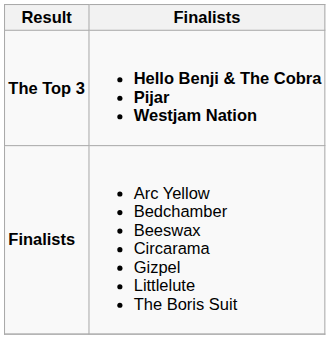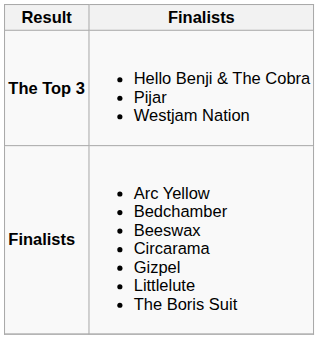 <table class="wikitable">
 <tr>
 <th>Result</th>
 <th>Finalists</th>
 </tr>
 <tr>
 <td><strong>The Top 3</strong></td>
-<td><strong><br><ul><li>Hello Benji & The Cobra</li><li>Pijar</li><li>Westjam Nation</li></ul></strong></td>
+<td><br><ul><li>Hello Benji & The Cobra</li><li>Pijar</li><li>Westjam Nation</li></ul></td>
 </tr>
 <tr>
 <td><strong>Finalists</strong></td>
 <td><br><ul><li>Arc Yellow</li><li>Bedchamber</li><li>Beeswax</li><li>Circarama</li><li>Gizpel</li><li>Littlelute</li><li>The Boris Suit</li></ul></td>
 </tr>
 <tr>
 </tr>
 </table>
